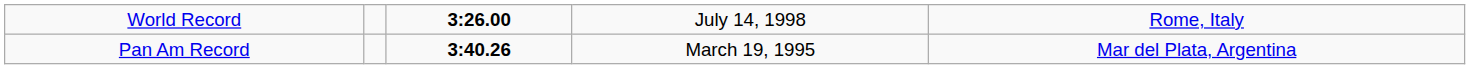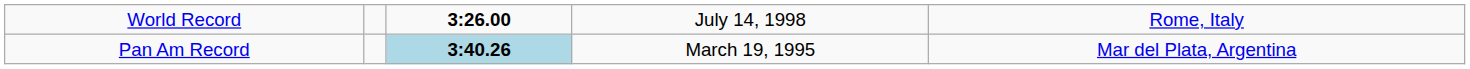 <table class="wikitable" style=" text-align:center; font-size:95%;" width="75%">
 <tr>
 <td><a href='#'>World Record</a></td>
 <td></td>
 <td><strong>3:26.00</strong></td>
 <td>July 14, 1998</td>
 <td> <a href='#'>Rome, Italy</a></td>
 </tr>
 <tr>
 <td><a href='#'>Pan Am Record</a></td>
 <td></td>
-<td><strong>3:40.26</strong></td>
+<td style="background: lightblue;"><strong>3:40.26</strong></td>
 <td>March 19, 1995</td>
 <td> <a href='#'>Mar del Plata, Argentina</a></td>
 </tr>
 </table>
